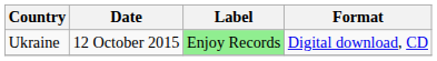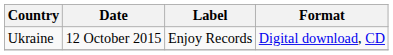 <table class="sortable wikitable">
 <tr>
 <th>Country</th>
 <th>Date</th>
 <th>Label</th>
 <th>Format</th>
 </tr>
 <tr>
 <td>Ukraine</td>
 <td>12 October 2015</td>
-<td style="background: lightgreen;">Enjoy Records</td>
+<td>Enjoy Records</td>
 <td><a href='#'>Digital download</a>, <a href='#'>CD</a></td>
 </tr>
 <tr>
 </tr>
 </table>
